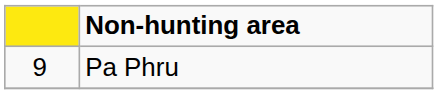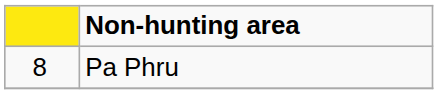 <table class= "wikitable" style= "width:30%; display:inline-table;">
 <tr>
 <td style="width:3%; background:#FDE910;"> </td>
 <td style="width:27%;"><strong>Non-hunting area</strong></td>
 </tr>
 <tr>
-<td>   9</td>
+<td>   8</td>
 <td>Pa Phru</td>
 </tr>
 <tr>
 </tr>
 </table>
